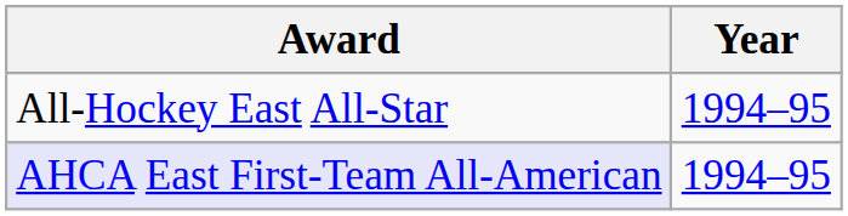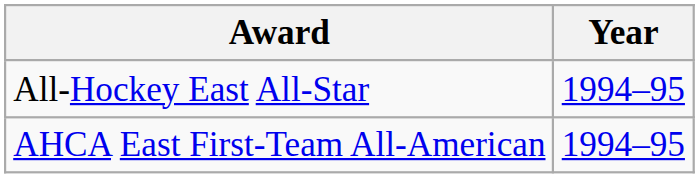 <table class="wikitable">
 <tr>
 <th>Award</th>
 <th>Year</th>
 </tr>
 <tr>
 <td>All-<a href='#'>Hockey East</a> <a href='#'>All-Star</a></td>
 <td><a href='#'>1994–95</a></td>
 </tr>
 <tr>
-<td style="background: lavender;"><a href='#'>AHCA</a> <a href='#'>East First-Team All-American</a></td>
+<td><a href='#'>AHCA</a> <a href='#'>East First-Team All-American</a></td>
 <td><a href='#'>1994–95</a></td>
 </tr>
 </table>
